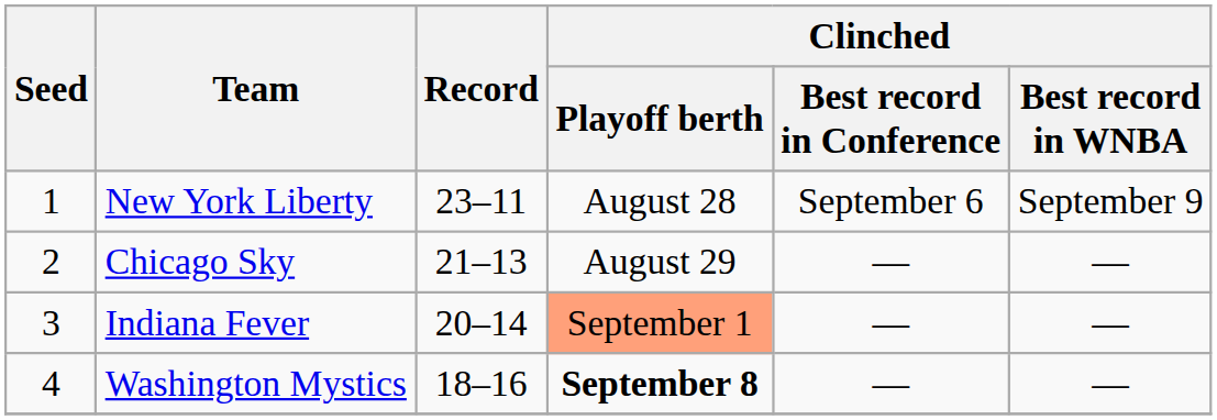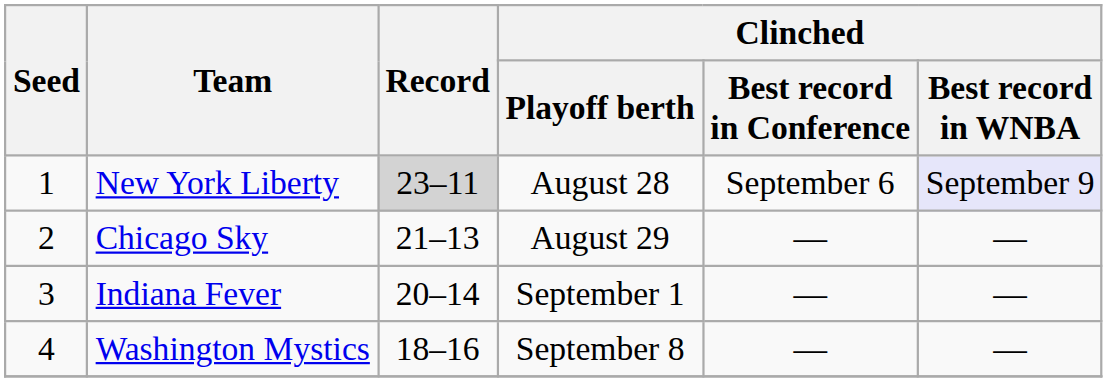 <table class="wikitable"  style="font-size:95%; text-align:center">
 <tr>
 <th rowspan=2>Seed</th>
 <th rowspan=2>Team</th>
 <th rowspan=2>Record</th>
 <th colspan=3>Clinched</th>
 </tr>
 <tr>
 <th>Playoff berth</th>
 <th>Best record<br> in Conference</th>
 <th>Best record<br> in WNBA</th>
 </tr>
 <tr>
 <td>1</td>
 <td align=left><a href='#'>New York Liberty</a></td>
-<td>23–11</td>
+<td style="background: lightgrey;">23–11</td>
 <td>August 28</td>
 <td>September 6</td>
-<td>September 9</td>
+<td style="background: lavender;">September 9</td>
 </tr>
 <tr>
 <td>2</td>
 <td align=left><a href='#'>Chicago Sky</a></td>
 <td>21–13</td>
 <td>August 29</td>
 <td>—</td>
 <td>—</td>
 </tr>
 <tr>
 <td>3</td>
 <td align=left><a href='#'>Indiana Fever</a></td>
 <td>20–14</td>
-<td style="background: lightsalmon;">September 1</td>
+<td>September 1</td>
 <td>—</td>
 <td>—</td>
 </tr>
 <tr>
 <td>4</td>
 <td align=left><a href='#'>Washington Mystics</a></td>
 <td>18–16</td>
-<td><strong>September 8</strong></td>
+<td>September 8</td>
 <td>—</td>
 <td>—</td>
 </tr>
 <tr>
 </tr>
 </table>
